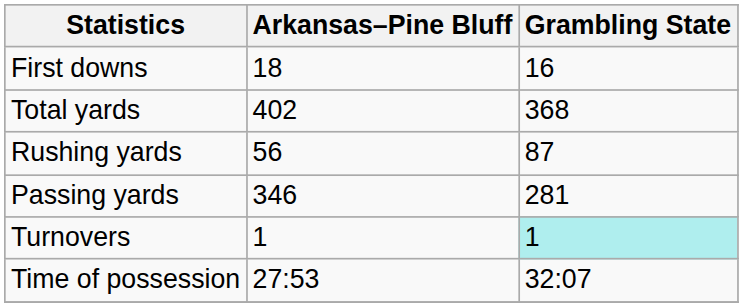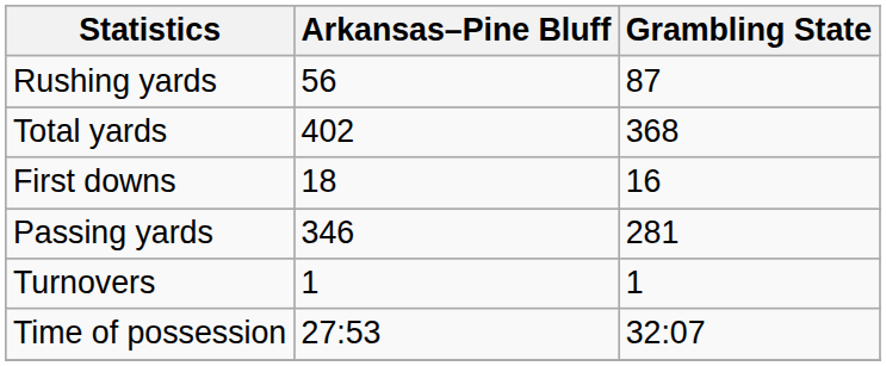 <table class="wikitable">
 <tr>
 <th>Statistics</th>
 <th>Arkansas–Pine Bluff</th>
 <th>Grambling State</th>
 </tr>
 <tr>
-<td>First downs</td>
-<td>18</td>
-<td>16</td>
+<td>Rushing yards</td>
+<td>56</td>
+<td>87</td>
 </tr>
 <tr>
 <td>Total yards</td>
 <td>402</td>
 <td>368</td>
 </tr>
 <tr>
-<td>Rushing yards</td>
-<td>56</td>
-<td>87</td>
+<td>First downs</td>
+<td>18</td>
+<td>16</td>
 </tr>
 <tr>
 <td>Passing yards</td>
 <td>346</td>
 <td>281</td>
 </tr>
 <tr>
 <td>Turnovers</td>
 <td>1</td>
-<td style="background: paleturquoise;">1</td>
+<td>1</td>
 </tr>
 <tr>
 <td>Time of possession</td>
 <td>27:53</td>
 <td>32:07</td>
 </tr>
 <tr>
 </tr>
 </table>
